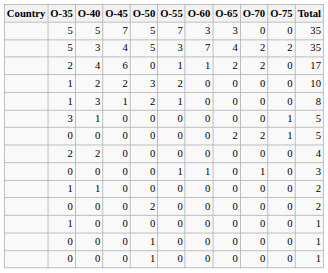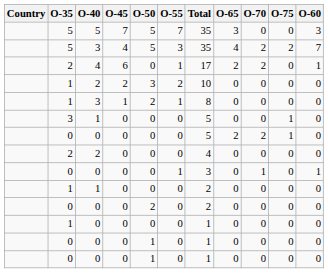 <table class="sortable wikitable" style="font-size: 90%">
 <tr>
 <th>Country</th>
 <th>O-35</th>
 <th>O-40</th>
 <th>O-45</th>
 <th>O-50</th>
 <th>O-55</th>
-<th>O-60</th>
+<th>Total</th>
 <th>O-65</th>
 <th>O-70</th>
 <th>O-75</th>
-<th>Total</th>
+<th>O-60</th>
 </tr>
 <tr>
 <td></td>
 <td align="right">5</td>
 <td align="right">5</td>
 <td align="right">7</td>
 <td align="right">5</td>
 <td align="right">7</td>
-<td align="right">3</td>
+<td align="right">35</td>
 <td align="right">3</td>
 <td align="right">0</td>
 <td align="right">0</td>
-<td align="right">35</td>
+<td align="right">3</td>
 </tr>
 <tr>
 <td></td>
 <td align="right">5</td>
 <td align="right">3</td>
 <td align="right">4</td>
 <td align="right">5</td>
 <td align="right">3</td>
-<td align="right">7</td>
+<td align="right">35</td>
 <td align="right">4</td>
 <td align="right">2</td>
 <td align="right">2</td>
-<td align="right">35</td>
+<td align="right">7</td>
 </tr>
 <tr>
 <td></td>
 <td align="right">2</td>
 <td align="right">4</td>
 <td align="right">6</td>
 <td align="right">0</td>
 <td align="right">1</td>
-<td align="right">1</td>
+<td align="right">17</td>
 <td align="right">2</td>
 <td align="right">2</td>
 <td align="right">0</td>
-<td align="right">17</td>
+<td align="right">1</td>
 </tr>
 <tr>
 <td></td>
 <td align="right">1</td>
 <td align="right">2</td>
 <td align="right">2</td>
 <td align="right">3</td>
 <td align="right">2</td>
+<td align="right">10</td>
 <td align="right">0</td>
 <td align="right">0</td>
 <td align="right">0</td>
 <td align="right">0</td>
-<td align="right">10</td>
 </tr>
 <tr>
 <td></td>
 <td align="right">1</td>
 <td align="right">3</td>
 <td align="right">1</td>
 <td align="right">2</td>
 <td align="right">1</td>
+<td align="right">8</td>
 <td align="right">0</td>
 <td align="right">0</td>
 <td align="right">0</td>
 <td align="right">0</td>
-<td align="right">8</td>
 </tr>
 <tr>
 <td></td>
 <td align="right">3</td>
 <td align="right">1</td>
 <td align="right">0</td>
 <td align="right">0</td>
 <td align="right">0</td>
-<td align="right">0</td>
+<td align="right">5</td>
 <td align="right">0</td>
 <td align="right">0</td>
 <td align="right">1</td>
-<td align="right">5</td>
+<td align="right">0</td>
 </tr>
 <tr>
 <td></td>
 <td align="right">0</td>
 <td align="right">0</td>
 <td align="right">0</td>
 <td align="right">0</td>
 <td align="right">0</td>
-<td align="right">0</td>
+<td align="right">5</td>
 <td align="right">2</td>
 <td align="right">2</td>
 <td align="right">1</td>
-<td align="right">5</td>
+<td align="right">0</td>
 </tr>
 <tr>
 <td></td>
 <td align="right">2</td>
 <td align="right">2</td>
 <td align="right">0</td>
 <td align="right">0</td>
 <td align="right">0</td>
+<td align="right">4</td>
 <td align="right">0</td>
 <td align="right">0</td>
 <td align="right">0</td>
 <td align="right">0</td>
-<td align="right">4</td>
 </tr>
 <tr>
 <td></td>
 <td align="right">0</td>
 <td align="right">0</td>
 <td align="right">0</td>
 <td align="right">0</td>
 <td align="right">1</td>
+<td align="right">3</td>
+<td align="right">0</td>
 <td align="right">1</td>
 <td align="right">0</td>
 <td align="right">1</td>
-<td align="right">0</td>
-<td align="right">3</td>
 </tr>
 <tr>
 <td></td>
 <td align="right">1</td>
 <td align="right">1</td>
 <td align="right">0</td>
 <td align="right">0</td>
 <td align="right">0</td>
+<td align="right">2</td>
 <td align="right">0</td>
 <td align="right">0</td>
 <td align="right">0</td>
 <td align="right">0</td>
-<td align="right">2</td>
 </tr>
 <tr>
 <td></td>
 <td align="right">0</td>
 <td align="right">0</td>
 <td align="right">0</td>
 <td align="right">2</td>
 <td align="right">0</td>
+<td align="right">2</td>
 <td align="right">0</td>
 <td align="right">0</td>
 <td align="right">0</td>
 <td align="right">0</td>
-<td align="right">2</td>
 </tr>
 <tr>
 <td></td>
 <td align="right">1</td>
 <td align="right">0</td>
 <td align="right">0</td>
 <td align="right">0</td>
 <td align="right">0</td>
+<td align="right">1</td>
 <td align="right">0</td>
 <td align="right">0</td>
 <td align="right">0</td>
 <td align="right">0</td>
-<td align="right">1</td>
 </tr>
 <tr>
 <td></td>
 <td align="right">0</td>
 <td align="right">0</td>
 <td align="right">0</td>
 <td align="right">1</td>
 <td align="right">0</td>
+<td align="right">1</td>
 <td align="right">0</td>
 <td align="right">0</td>
 <td align="right">0</td>
 <td align="right">0</td>
-<td align="right">1</td>
 </tr>
 <tr>
 <td></td>
 <td align="right">0</td>
 <td align="right">0</td>
 <td align="right">0</td>
 <td align="right">1</td>
 <td align="right">0</td>
+<td align="right">1</td>
 <td align="right">0</td>
 <td align="right">0</td>
 <td align="right">0</td>
 <td align="right">0</td>
-<td align="right">1</td>
 </tr>
 </table>
